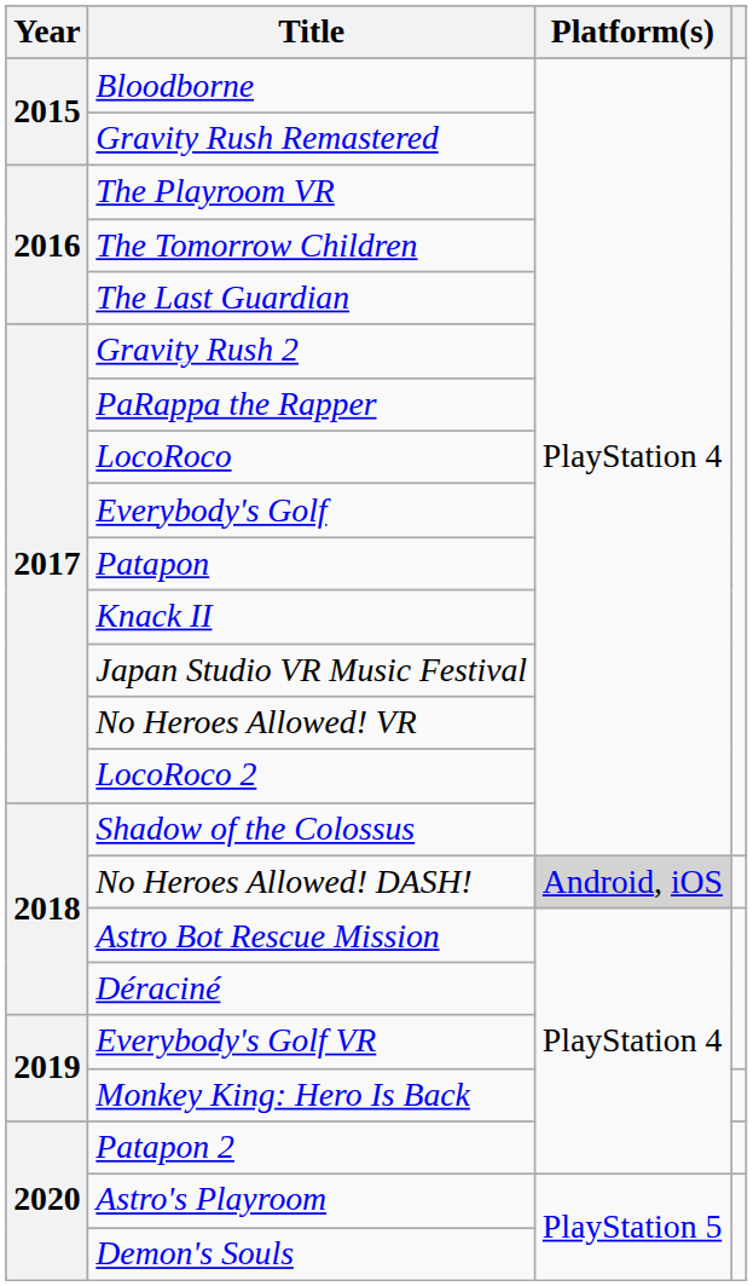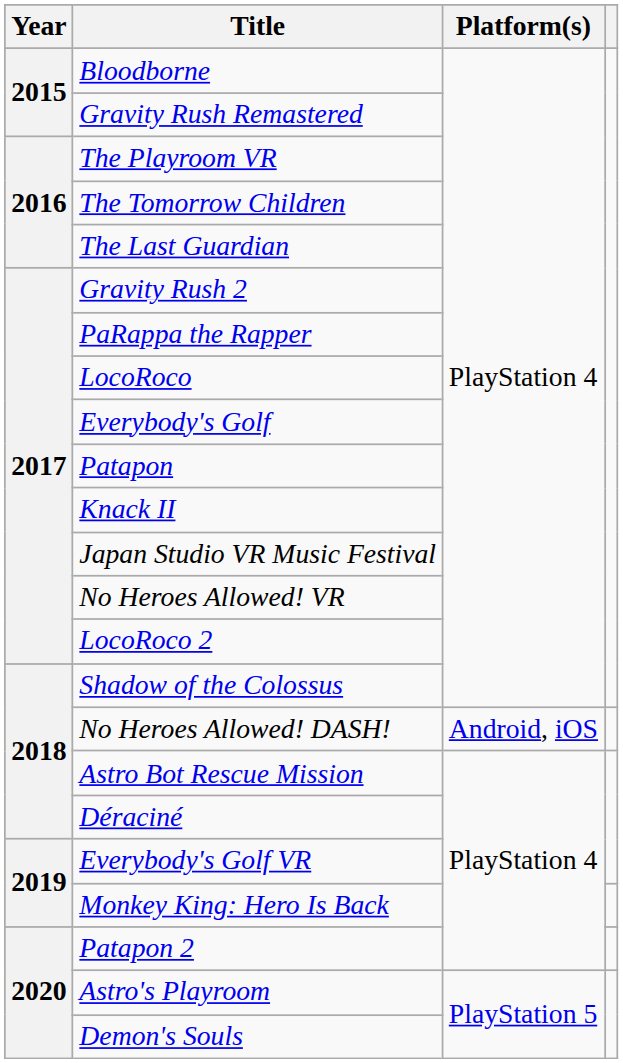 <table class="wikitable sortable plainrowheaders">
 <tr>
 <th scope="col">Year</th>
 <th scope="col">Title</th>
 <th scope="col">Platform(s)</th>
 <th scope="col"></th>
 </tr>
 <tr>
 <th rowspan="2" scope="row">2015</th>
 <td><em><a href='#'>Bloodborne</a></em></td>
 <td rowspan="15">PlayStation 4</td>
 <td rowspan="15"></td>
 </tr>
 <tr>
 <td><em><a href='#'>Gravity Rush Remastered</a></em></td>
 </tr>
 <tr>
 <th rowspan="3" scope="row">2016</th>
 <td><em><a href='#'>The Playroom VR</a></em></td>
 </tr>
 <tr>
 <td><em><a href='#'>The Tomorrow Children</a></em></td>
 </tr>
 <tr>
 <td><em><a href='#'>The Last Guardian</a></em></td>
 </tr>
 <tr>
 <th rowspan="9" scope="row">2017</th>
 <td><em><a href='#'>Gravity Rush 2</a></em></td>
 </tr>
 <tr>
 <td><em><a href='#'>PaRappa the Rapper</a></em></td>
 </tr>
 <tr>
 <td><em><a href='#'>LocoRoco</a></em></td>
 </tr>
 <tr>
 <td><em><a href='#'>Everybody's Golf</a></em></td>
 </tr>
 <tr>
 <td><em><a href='#'>Patapon</a></em></td>
 </tr>
 <tr>
 <td><em><a href='#'>Knack II</a></em></td>
 </tr>
 <tr>
 <td><em>Japan Studio VR Music Festival</em></td>
 </tr>
 <tr>
 <td><em>No Heroes Allowed! VR</em></td>
 </tr>
 <tr>
 <td><em><a href='#'>LocoRoco 2</a></em></td>
 </tr>
 <tr>
 <th rowspan="4" scope="row">2018</th>
 <td><em><a href='#'>Shadow of the Colossus</a></em></td>
 </tr>
 <tr>
 <td><em>No Heroes Allowed! DASH!</em></td>
-<td rowspan="1" style="background: lightgrey;"><a href='#'>Android</a>, <a href='#'>iOS</a></td>
+<td rowspan="1"><a href='#'>Android</a>, <a href='#'>iOS</a></td>
 <td></td>
 </tr>
 <tr>
 <td><em><a href='#'>Astro Bot Rescue Mission</a></em></td>
 <td rowspan="5">PlayStation 4</td>
 <td rowspan="3"></td>
 </tr>
 <tr>
 <td><em><a href='#'>Déraciné</a></em></td>
 </tr>
 <tr>
 <th scope="row" rowspan="2">2019</th>
 <td><em><a href='#'>Everybody's Golf VR</a></em></td>
 </tr>
 <tr>
 <td><em><a href='#'>Monkey King: Hero Is Back</a></em></td>
 <td></td>
 </tr>
 <tr>
 <th rowspan="3" scope="row">2020</th>
 <td><em><a href='#'>Patapon 2</a></em></td>
 <td></td>
 </tr>
 <tr>
 <td><em><a href='#'>Astro's Playroom</a></em></td>
 <td rowspan="2"><a href='#'>PlayStation 5</a></td>
 <td rowspan="2"></td>
 </tr>
 <tr>
 <td><em><a href='#'>Demon's Souls</a></em></td>
 </tr>
 </table>
